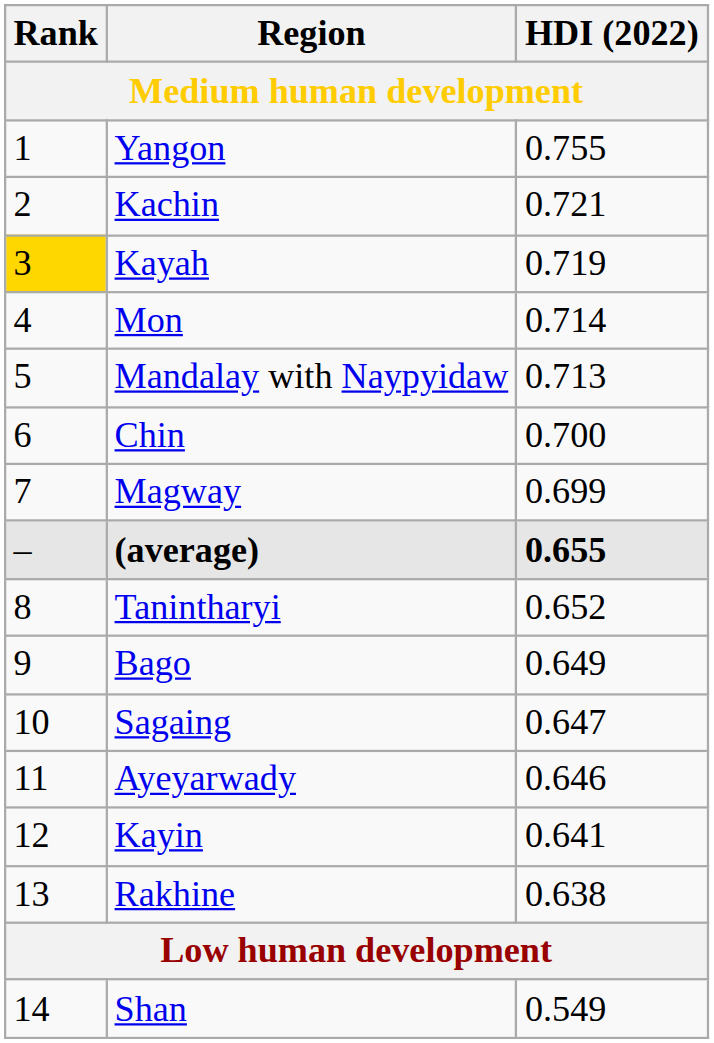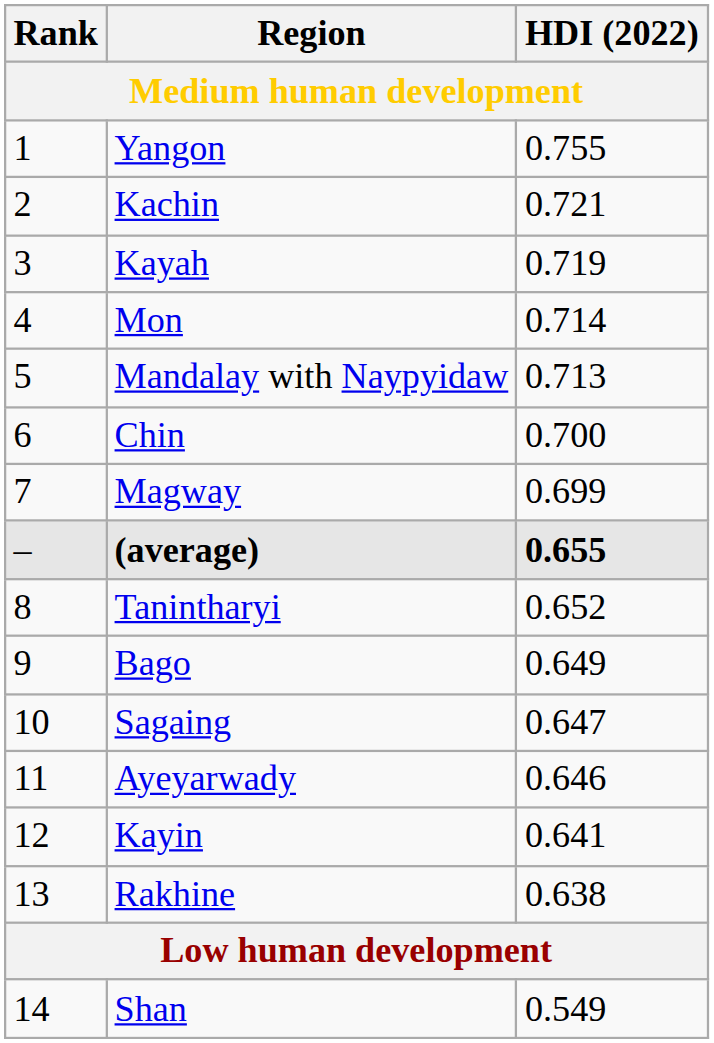 <table class="wikitable">
 <tr>
 <th>Rank</th>
 <th>Region</th>
 <th>HDI (2022)</th>
 </tr>
 <tr>
 <th colspan="3" style="color:#fc0;">Medium human development</th>
 </tr>
 <tr>
 <td>1</td>
 <td><a href='#'>Yangon</a></td>
 <td>0.755</td>
 </tr>
 <tr>
 <td>2</td>
 <td><a href='#'>Kachin</a></td>
 <td>0.721</td>
 </tr>
 <tr>
-<td style="background: gold;">3</td>
+<td>3</td>
 <td><a href='#'>Kayah</a></td>
 <td>0.719</td>
 </tr>
 <tr>
 <td>4</td>
 <td><a href='#'>Mon</a></td>
 <td>0.714</td>
 </tr>
 <tr>
 <td>5</td>
 <td><a href='#'>Mandalay</a> with <a href='#'>Naypyidaw</a></td>
 <td>0.713</td>
 </tr>
 <tr>
 <td>6</td>
 <td><a href='#'>Chin</a></td>
 <td>0.700</td>
 </tr>
 <tr>
 <td>7</td>
 <td><a href='#'>Magway</a></td>
 <td>0.699</td>
 </tr>
 <tr style="background:#e6e6e6">
 <td>–</td>
 <td><strong> (average)</strong></td>
 <td><strong>0.655</strong></td>
 </tr>
 <tr>
 <td>8</td>
 <td><a href='#'>Tanintharyi</a></td>
 <td>0.652</td>
 </tr>
 <tr>
 <td>9</td>
 <td><a href='#'>Bago</a></td>
 <td>0.649</td>
 </tr>
 <tr>
 <td>10</td>
 <td><a href='#'>Sagaing</a></td>
 <td>0.647</td>
 </tr>
 <tr>
 <td>11</td>
 <td><a href='#'>Ayeyarwady</a></td>
 <td>0.646</td>
 </tr>
 <tr>
 <td>12</td>
 <td><a href='#'>Kayin</a></td>
 <td>0.641</td>
 </tr>
 <tr>
 <td>13</td>
 <td><a href='#'>Rakhine</a></td>
 <td>0.638</td>
 </tr>
 <tr>
 <th colspan="3" style="color:#900;">Low human development</th>
 </tr>
 <tr>
 <td>14</td>
 <td><a href='#'>Shan</a></td>
 <td>0.549</td>
 </tr>
 </table>
